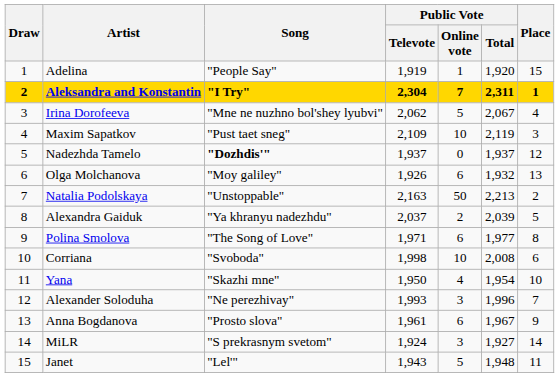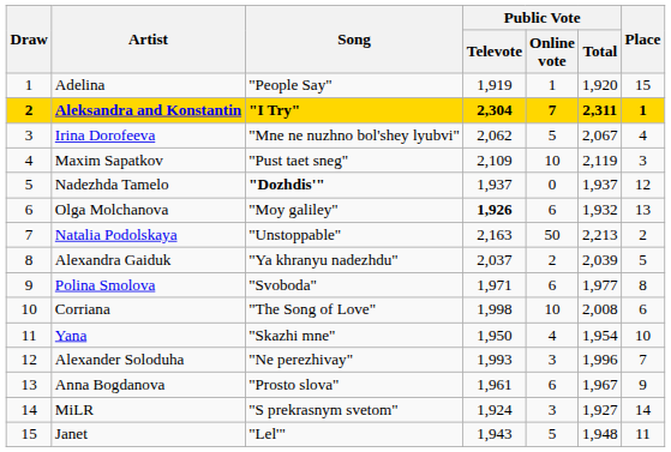 <table class="sortable wikitable" style="margin: 1em auto 1em auto; text-align:center">
 <tr>
 <th rowspan="2">Draw</th>
 <th rowspan="2">Artist</th>
 <th rowspan="2">Song</th>
 <th colspan="3">Public Vote</th>
 <th rowspan="2">Place</th>
 </tr>
 <tr>
 <th>Televote</th>
 <th>Online<br>vote</th>
 <th>Total</th>
 </tr>
 <tr>
 <td>1</td>
 <td align="left">Adelina</td>
 <td align="left">"People Say"</td>
 <td>1,919</td>
 <td>1</td>
 <td>1,920</td>
 <td>15</td>
 </tr>
 <tr style="font-weight:bold; background: gold;">
 <td>2</td>
 <td align="left"><a href='#'>Aleksandra and Konstantin</a></td>
 <td align="left">"I Try"</td>
 <td>2,304</td>
 <td>7</td>
 <td>2,311</td>
 <td>1</td>
 </tr>
 <tr>
 <td>3</td>
 <td align="left"><a href='#'>Irina Dorofeeva</a></td>
 <td align="left">"Mne ne nuzhno bol'shey lyubvi"</td>
 <td>2,062</td>
 <td>5</td>
 <td>2,067</td>
 <td>4</td>
 </tr>
 <tr>
 <td>4</td>
 <td align="left">Maxim Sapatkov</td>
 <td align="left">"Pust taet sneg"</td>
 <td>2,109</td>
 <td>10</td>
 <td>2,119</td>
 <td>3</td>
 </tr>
 <tr>
 <td>5</td>
 <td align="left">Nadezhda Tamelo</td>
 <td align="left"><strong>"Dozhdis'"</strong></td>
 <td>1,937</td>
 <td>0</td>
 <td>1,937</td>
 <td>12</td>
 </tr>
 <tr>
 <td>6</td>
 <td align="left">Olga Molchanova</td>
 <td align="left">"Moy galiley"</td>
-<td>1,926</td>
+<td><strong>1,926</strong></td>
 <td>6</td>
 <td>1,932</td>
 <td>13</td>
 </tr>
 <tr>
 <td>7</td>
 <td align="left"><a href='#'>Natalia Podolskaya</a></td>
 <td align="left">"Unstoppable"</td>
 <td>2,163</td>
 <td>50</td>
 <td>2,213</td>
 <td>2</td>
 </tr>
 <tr>
 <td>8</td>
 <td align="left">Alexandra Gaiduk</td>
 <td align="left">"Ya khranyu nadezhdu"</td>
 <td>2,037</td>
 <td>2</td>
 <td>2,039</td>
 <td>5</td>
 </tr>
 <tr>
 <td>9</td>
 <td align="left"><a href='#'>Polina Smolova</a></td>
-<td align="left">"The Song of Love"</td>
+<td align="left">"Svoboda"</td>
 <td>1,971</td>
 <td>6</td>
 <td>1,977</td>
 <td>8</td>
 </tr>
 <tr>
 <td>10</td>
 <td align="left">Corriana</td>
-<td align="left">"Svoboda"</td>
+<td align="left">"The Song of Love"</td>
 <td>1,998</td>
 <td>10</td>
 <td>2,008</td>
 <td>6</td>
 </tr>
 <tr>
 <td>11</td>
 <td align="left"><a href='#'>Yana</a></td>
 <td align="left">"Skazhi mne"</td>
 <td>1,950</td>
 <td>4</td>
 <td>1,954</td>
 <td>10</td>
 </tr>
 <tr>
 <td>12</td>
 <td align="left">Alexander Soloduha</td>
 <td align="left">"Ne perezhivay"</td>
 <td>1,993</td>
 <td>3</td>
 <td>1,996</td>
 <td>7</td>
 </tr>
 <tr>
 <td>13</td>
 <td align="left">Anna Bogdanova</td>
 <td align="left">"Prosto slova"</td>
 <td>1,961</td>
 <td>6</td>
 <td>1,967</td>
 <td>9</td>
 </tr>
 <tr>
 <td>14</td>
 <td align="left">MiLR</td>
 <td align="left">"S prekrasnym svetom"</td>
 <td>1,924</td>
 <td>3</td>
 <td>1,927</td>
 <td>14</td>
 </tr>
 <tr>
 <td>15</td>
 <td align="left">Janet</td>
 <td align="left">"Lel'"</td>
 <td>1,943</td>
 <td>5</td>
 <td>1,948</td>
 <td>11</td>
 </tr>
 </table>
